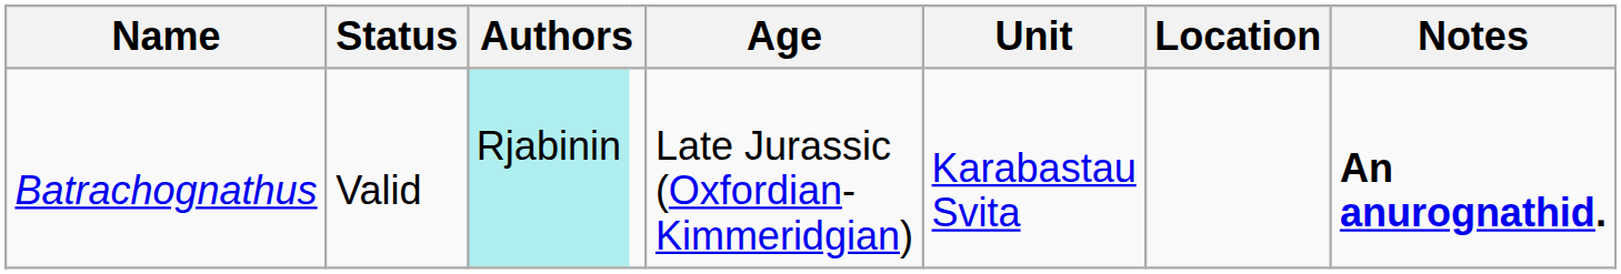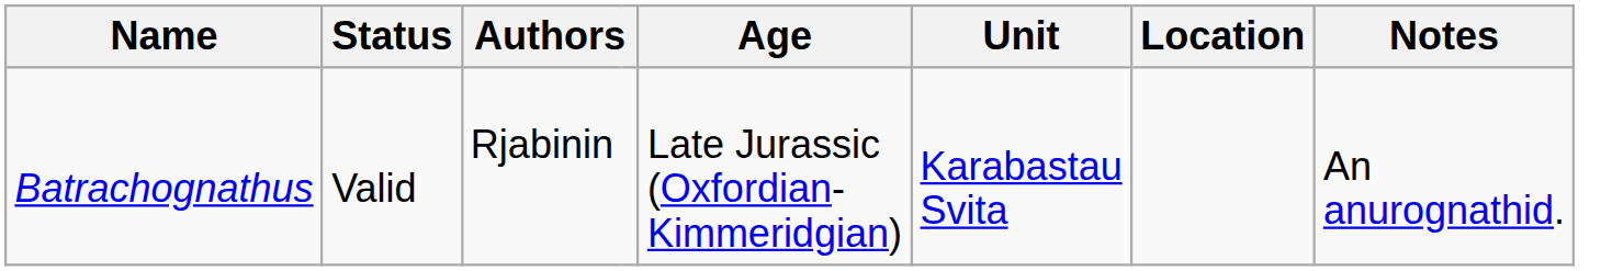 <table class="wikitable sortable" align="center" width="100%">
 <tr>
 <th>Name</th>
 <th>Status</th>
 <th colspan="2">Authors</th>
 <th>Age</th>
 <th>Unit</th>
 <th>Location</th>
 <th>Notes</th>
 </tr>
 <tr>
 <td><br><em><a href='#'>Batrachognathus</a></em></td>
 <td><br>Valid</td>
-<td style="background: paleturquoise; border-right:0px" valign="top"><br>Rjabinin</td>
+<td style="border-right:0px" valign="top"><br>Rjabinin</td>
 <td style="border-left:0px" valign="top"></td>
 <td><br>Late Jurassic (<a href='#'>Oxfordian</a>-<a href='#'>Kimmeridgian</a>)</td>
 <td><br><a href='#'>Karabastau Svita</a></td>
 <td><br></td>
-<td><strong><br>An <a href='#'>anurognathid</a>.</strong></td>
+<td><br>An <a href='#'>anurognathid</a>.</td>
 </tr>
 </table>
